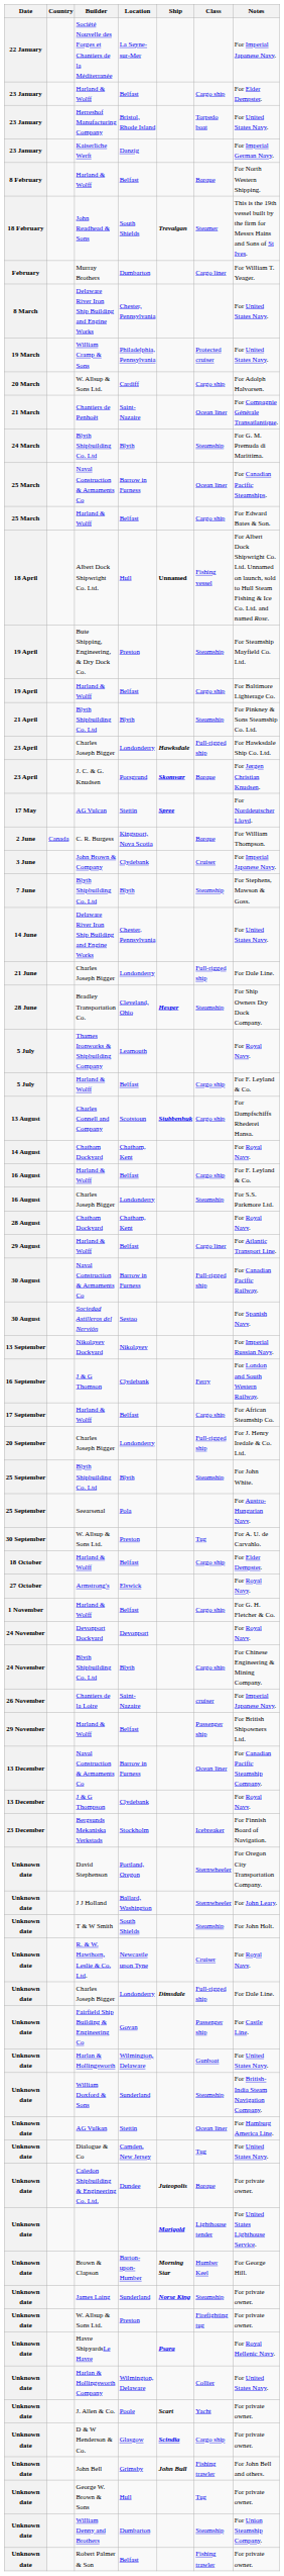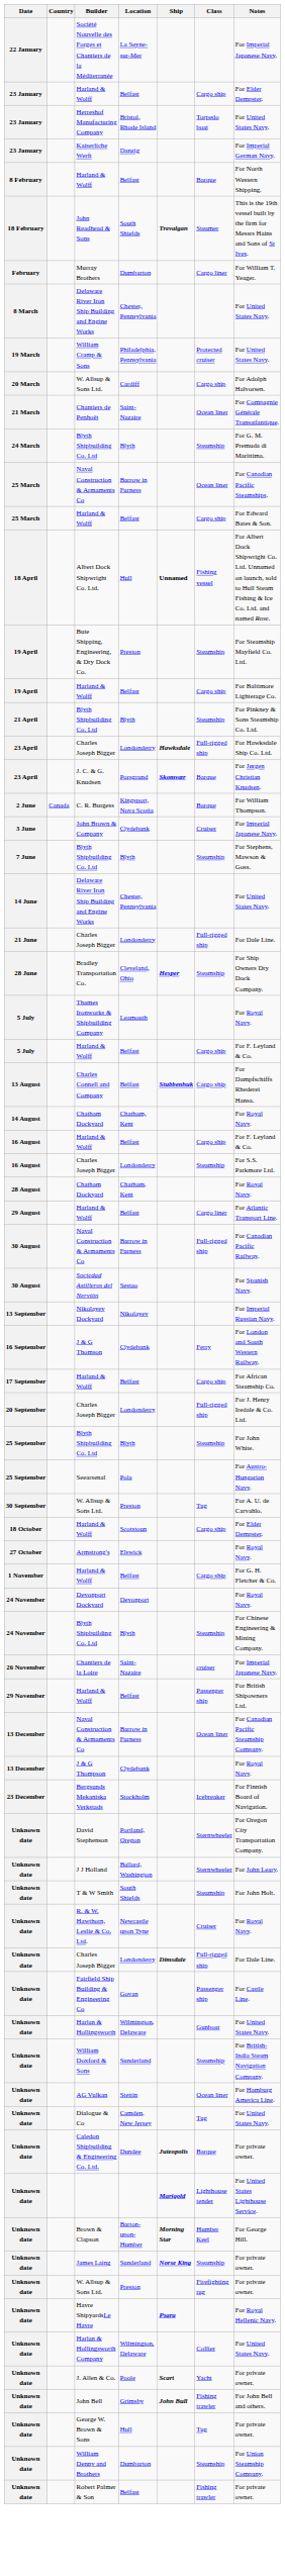 <table class="wikitable sortable" style="font-size:1.00em; line-height:1.5em;">
 <tr>
 <th>Date</th>
 <th>Country</th>
 <th>Builder</th>
 <th>Location</th>
 <th>Ship</th>
 <th>Class</th>
 <th>Notes</th>
 </tr>
 <tr ---->
 <th>22 January</th>
 <td></td>
 <td><a href='#'>Société Nouvelle des Forges et Chantiers de la Méditerranée</a></td>
 <td><a href='#'>La Seyne-sur-Mer</a></td>
 <td><strong></strong></td>
 <td></td>
 <td>For <a href='#'>Imperial Japanese Navy</a>.</td>
 </tr>
 <tr ---->
 <th>23 January</th>
 <td></td>
 <td><a href='#'>Harland & Wolff</a></td>
 <td><a href='#'>Belfast</a></td>
 <td><strong></strong></td>
 <td><a href='#'>Cargo ship</a></td>
 <td>For <a href='#'>Elder Dempster</a>.</td>
 </tr>
 <tr ---->
 <th>23 January</th>
 <td></td>
 <td><a href='#'>Herreshof Manufacturing Company</a></td>
 <td><a href='#'>Bristol, Rhode Island</a></td>
 <td><strong></strong></td>
 <td><a href='#'>Torpedo boat</a></td>
 <td>For <a href='#'>United States Navy</a>.</td>
 </tr>
 <tr ---->
 <th>23 January</th>
 <td></td>
 <td><a href='#'>Kaiserliche Werft</a></td>
 <td><a href='#'>Danzig</a></td>
 <td><strong></strong></td>
 <td></td>
 <td>For <a href='#'>Imperial German Navy</a>.</td>
 </tr>
 <tr ---->
 <th>8 February</th>
 <td></td>
 <td><a href='#'>Harland & Wolff</a></td>
 <td><a href='#'>Belfast</a></td>
 <td><strong></strong></td>
 <td><a href='#'>Barque</a></td>
 <td>For North Western Shipping.</td>
 </tr>
 <tr ---->
 <th>18 February</th>
 <td></td>
 <td><a href='#'>John Readhead & Sons</a></td>
 <td><a href='#'>South Shields</a></td>
 <td><strong><em>Trevalgan</em></strong></td>
 <td><a href='#'>Steamer</a></td>
 <td>This is the 19th vessel built by the firm for Messrs Hains and Sons of <a href='#'>St Ives</a>.</td>
 </tr>
 <tr ---->
 <th>February</th>
 <td></td>
 <td>Murray Brothers</td>
 <td><a href='#'>Dumbarton</a></td>
 <td><strong></strong></td>
 <td><a href='#'>Cargo liner</a></td>
 <td>For William T. Yeager.</td>
 </tr>
 <tr ---->
 <th>8 March</th>
 <td></td>
 <td><a href='#'>Delaware River Iron Ship Building and Engine Works</a></td>
 <td><a href='#'>Chester, Pennsylvania</a></td>
 <td><strong></strong></td>
 <td></td>
 <td>For <a href='#'>United States Navy</a>.</td>
 </tr>
 <tr ---->
 <th>19 March</th>
 <td></td>
 <td><a href='#'>William Cramp & Sons</a></td>
 <td><a href='#'>Philadelphia, Pennsylvania</a></td>
 <td><strong></strong></td>
 <td><a href='#'>Protected cruiser</a></td>
 <td>For <a href='#'>United States Navy</a>.</td>
 </tr>
 <tr ---->
 <th>20 March</th>
 <td></td>
 <td>W. Allsup & Sons Ltd.</td>
 <td><a href='#'>Cardiff</a></td>
 <td><strong></strong></td>
 <td><a href='#'>Cargo ship</a></td>
 <td>For Adolph Halvorsen.</td>
 </tr>
 <tr ---->
 <th>21 March</th>
 <td></td>
 <td><a href='#'>Chantiers de Penhoët</a></td>
 <td><a href='#'>Saint-Nazaire</a></td>
 <td><strong></strong></td>
 <td><a href='#'>Ocean liner</a></td>
 <td>For <a href='#'>Compagnie Générale Transatlantique</a>.</td>
 </tr>
 <tr ---->
 <th>24 March</th>
 <td></td>
 <td><a href='#'>Blyth Shipbuilding Co. Ltd</a></td>
 <td><a href='#'>Blyth</a></td>
 <td><strong></strong></td>
 <td><a href='#'>Steamship</a></td>
 <td>For G. M. Premuda di Marittima.</td>
 </tr>
 <tr ---->
 <th>25 March</th>
 <td></td>
 <td><a href='#'>Naval Construction & Armaments Co</a></td>
 <td><a href='#'>Barrow in Furness</a></td>
 <td><strong></strong></td>
 <td><a href='#'>Ocean liner</a></td>
 <td>For <a href='#'>Canadian Pacific Steamships</a>.</td>
 </tr>
 <tr ---->
 <th>25 March</th>
 <td></td>
 <td><a href='#'>Harland & Wolff</a></td>
 <td><a href='#'>Belfast</a></td>
 <td><strong></strong></td>
 <td><a href='#'>Cargo ship</a></td>
 <td>For Edward Bates & Son.</td>
 </tr>
 <tr ---->
 <th>18 April</th>
 <td></td>
 <td>Albert Dock Shipwright Co. Ltd.</td>
 <td><a href='#'>Hull</a></td>
 <td><strong>Unnamed</strong></td>
 <td><a href='#'>Fishing vessel</a></td>
 <td>For Albert Dock Shipwright Co. Ltd. Unnamed on launch, sold to Hull Steam Fishing & Ice Co. Ltd. and named <em>Rose</em>.</td>
 </tr>
 <tr --->
 <th>19 April</th>
 <td></td>
 <td>Bute Shipping, Engineering, & Dry Dock Co.</td>
 <td><a href='#'>Preston</a></td>
 <td><strong></strong></td>
 <td><a href='#'>Steamship</a></td>
 <td>For Steamship Mayfield Co. Ltd.</td>
 </tr>
 <tr ---->
 <th>19 April</th>
 <td></td>
 <td><a href='#'>Harland & Wolff</a></td>
 <td><a href='#'>Belfast</a></td>
 <td><strong></strong></td>
 <td><a href='#'>Cargo ship</a></td>
 <td>For Baltimore Lighterage Co.</td>
 </tr>
 <tr ---->
 <th>21 April</th>
 <td></td>
 <td><a href='#'>Blyth Shipbuilding Co. Ltd</a></td>
 <td><a href='#'>Blyth</a></td>
 <td><strong></strong></td>
 <td><a href='#'>Steamship</a></td>
 <td>For Pinkney & Sons Steamship Co. Ltd.</td>
 </tr>
 <tr ---->
 <th>23 April</th>
 <td></td>
 <td>Charles Joseph Bigger</td>
 <td><a href='#'>Londonderry</a></td>
 <td><strong><em>Hawksdale</em></strong></td>
 <td><a href='#'>Full-rigged ship</a></td>
 <td>For Hawksdale Ship Co. Ltd.</td>
 </tr>
 <tr ---->
 <th>23 April</th>
 <td></td>
 <td>J. C. & G. Knudsen</td>
 <td><a href='#'>Porsgrund</a></td>
 <td><strong><a href='#'><em>Skomvær</em></a></strong></td>
 <td><a href='#'>Barque</a></td>
 <td>For <a href='#'>Jørgen Christian Knudsen</a>.</td>
 </tr>
 <tr ---->
-<th>17 May</th>
-<td></td>
-<td><a href='#'>AG Vulcan</a></td>
-<td><a href='#'>Stettin</a></td>
-<td><strong><a href='#'><em>Spree</em></a></strong></td>
-<td></td>
-<td>For <a href='#'>Norddeutscher Lloyd</a>.</td>
-</tr>
-<tr ---->
 <th>2 June</th>
 <td> <a href='#'>Canada</a></td>
 <td>C. R. Burgess</td>
 <td><a href='#'>Kingsport, Nova Scotia</a></td>
 <td><strong></strong></td>
 <td><a href='#'>Barque</a></td>
 <td>For William Thompson.</td>
 </tr>
 <tr ---->
 <th>3 June</th>
 <td></td>
 <td><a href='#'>John Brown & Company</a></td>
 <td><a href='#'>Clydebank</a></td>
 <td><strong></strong></td>
 <td><a href='#'>Cruiser</a></td>
 <td>For <a href='#'>Imperial Japanese Navy</a>.</td>
 </tr>
 <tr ---->
 <th>7 June</th>
 <td></td>
 <td><a href='#'>Blyth Shipbuilding Co. Ltd</a></td>
 <td><a href='#'>Blyth</a></td>
 <td><strong></strong></td>
 <td><a href='#'>Steamship</a></td>
 <td>For Stephens, Mawson & Goss.</td>
 </tr>
 <tr ---->
 <th>14 June</th>
 <td></td>
 <td><a href='#'>Delaware River Iron Ship Building and Engine Works</a></td>
 <td><a href='#'>Chester, Pennsylvania</a></td>
 <td><strong></strong></td>
 <td></td>
 <td>For <a href='#'>United States Navy</a>.</td>
 </tr>
 <tr ---->
 <th>21 June</th>
 <td></td>
 <td>Charles Joseph Bigger</td>
 <td><a href='#'>Londonderry</a></td>
 <td><strong></strong></td>
 <td><a href='#'>Full-rigged ship</a></td>
 <td>For Dale Line.</td>
 </tr>
 <tr ---->
 <th>28 June</th>
 <td></td>
 <td>Bradley Transportation Co.</td>
 <td><a href='#'>Cleveland, Ohio</a></td>
 <td><strong><a href='#'><em>Hesper</em></a></strong></td>
 <td><a href='#'>Steamship</a></td>
 <td>For Ship Owners Dry Dock Company.</td>
 </tr>
 <tr ---->
 <th>5 July</th>
 <td></td>
 <td><a href='#'>Thames Ironworks & Shipbuilding Company</a></td>
 <td><a href='#'>Leamouth</a></td>
 <td><strong></strong></td>
 <td></td>
 <td>For <a href='#'>Royal Navy</a>.</td>
 </tr>
 <tr ---->
 <th>5 July</th>
 <td></td>
 <td><a href='#'>Harland & Wolff</a></td>
 <td><a href='#'>Belfast</a></td>
 <td><strong></strong></td>
 <td><a href='#'>Cargo ship</a></td>
 <td>For F. Leyland & Co.</td>
 </tr>
 <tr ---->
 <th>13 August</th>
 <td></td>
 <td><a href='#'>Charles Connell and Company</a></td>
-<td><a href='#'>Scotstoun</a></td>
+<td><a href='#'>Belfast</a></td>
 <td><strong><a href='#'><em>Stubbenhuk</em></a></strong></td>
 <td><a href='#'>Cargo ship</a></td>
 <td>For Dampfschiffs Rhederei Hansa.</td>
 </tr>
 <tr ---->
 <th>14 August</th>
 <td></td>
 <td><a href='#'>Chatham Dockyard</a></td>
 <td><a href='#'>Chatham, Kent</a></td>
 <td><strong></strong></td>
 <td></td>
 <td>For <a href='#'>Royal Navy</a>.</td>
 </tr>
 <tr ---->
 <th>16 August</th>
 <td></td>
 <td><a href='#'>Harland & Wolff</a></td>
 <td><a href='#'>Belfast</a></td>
 <td><strong></strong></td>
 <td><a href='#'>Cargo ship</a></td>
 <td>For F. Leyland & Co.</td>
 </tr>
 <tr ---->
 <th>16 August</th>
 <td></td>
 <td>Charles Joseph Bigger</td>
 <td><a href='#'>Londonderry</a></td>
 <td><strong></strong></td>
 <td><a href='#'>Steamship</a></td>
 <td>For S.S. Parkmore Ltd.</td>
 </tr>
 <tr ---->
 <th>28 August</th>
 <td></td>
 <td><a href='#'>Chatham Dockyard</a></td>
 <td><a href='#'>Chatham, Kent</a></td>
 <td><strong></strong></td>
 <td></td>
 <td>For <a href='#'>Royal Navy</a>.</td>
 </tr>
 <tr ---->
 <th>29 August</th>
 <td></td>
 <td><a href='#'>Harland & Wolff</a></td>
 <td><a href='#'>Belfast</a></td>
 <td><strong></strong></td>
 <td><a href='#'>Cargo liner</a></td>
 <td>For <a href='#'>Atlantic Transport Line</a>.</td>
 </tr>
 <tr ---->
 <th>30 August</th>
 <td></td>
 <td><a href='#'>Naval Construction & Armaments Co</a></td>
 <td><a href='#'>Barrow in Furness</a></td>
 <td><strong></strong></td>
 <td><a href='#'>Full-rigged ship</a></td>
 <td>For <a href='#'>Canadian Pacific Railway</a>.</td>
 </tr>
 <tr ---->
 <th>30 August</th>
 <td></td>
 <td><em><a href='#'>Sociedad Astilleros del Nervión</a></em></td>
 <td><a href='#'>Sestao</a></td>
 <td><strong></strong></td>
 <td></td>
 <td>For <a href='#'>Spanish Navy</a>.</td>
 </tr>
 <tr ---->
 <th>13 September</th>
 <td></td>
 <td><a href='#'>Nikolayev Dockyard</a></td>
 <td><a href='#'>Nikolayev</a></td>
 <td><strong></strong></td>
 <td></td>
 <td>For <a href='#'>Imperial Russian Navy</a>.</td>
 </tr>
 <tr ---->
 <th>16 September</th>
 <td></td>
 <td><a href='#'>J & G Thomson</a></td>
 <td><a href='#'>Clydebank</a></td>
 <td><strong></strong></td>
 <td><a href='#'>Ferry</a></td>
 <td>For <a href='#'>London and South Western Railway</a>.</td>
 </tr>
 <tr ---->
 <th>17 September</th>
 <td></td>
 <td><a href='#'>Harland & Wolff</a></td>
 <td><a href='#'>Belfast</a></td>
 <td><strong></strong></td>
 <td><a href='#'>Cargo ship</a></td>
 <td>For African Steamship Co.</td>
 </tr>
 <tr ---->
 <th>20 September</th>
 <td></td>
 <td>Charles Joseph Bigger</td>
 <td><a href='#'>Londonderry</a></td>
 <td><strong></strong></td>
 <td><a href='#'>Full-rigged ship</a></td>
 <td>For J. Henry Iredale & Co. Ltd.</td>
 </tr>
 <tr ---->
 <th>25 September</th>
 <td></td>
 <td><a href='#'>Blyth Shipbuilding Co. Ltd</a></td>
 <td><a href='#'>Blyth</a></td>
 <td><strong></strong></td>
 <td><a href='#'>Steamship</a></td>
 <td>For John White.</td>
 </tr>
 <tr ---->
 <th>25 September</th>
 <td></td>
 <td>Seearsenal</td>
 <td><a href='#'>Pola</a></td>
 <td><strong></strong></td>
 <td></td>
 <td>For <a href='#'>Austro-Hungarian Navy</a>.</td>
 </tr>
 <tr ---->
 <th>30 September</th>
 <td></td>
 <td>W. Allsup & Sons Ltd.</td>
 <td><a href='#'>Preston</a></td>
 <td><strong></strong></td>
 <td><a href='#'>Tug</a></td>
 <td>For A. U. de Carvahlo.</td>
 </tr>
 <tr ---->
 <th>18 October</th>
 <td></td>
 <td><a href='#'>Harland & Wolff</a></td>
-<td><a href='#'>Belfast</a></td>
+<td><a href='#'>Scotstoun</a></td>
 <td><strong></strong></td>
 <td><a href='#'>Cargo ship</a></td>
 <td>For <a href='#'>Elder Dempster</a>.</td>
 </tr>
 <tr ---->
 <th>27 October</th>
 <td></td>
 <td><a href='#'>Armstrong's</a></td>
 <td><a href='#'>Elswick</a></td>
 <td><strong></strong></td>
 <td></td>
 <td>For <a href='#'>Royal Navy</a>.</td>
 </tr>
 <tr ---->
 <th>1 November</th>
 <td></td>
 <td><a href='#'>Harland & Wolff</a></td>
 <td><a href='#'>Belfast</a></td>
 <td><strong></strong></td>
 <td><a href='#'>Cargo ship</a></td>
 <td>For G. H. Fletcher & Co.</td>
 </tr>
 <tr ---->
 <th>24 November</th>
 <td></td>
 <td><a href='#'>Devonport Dockyard</a></td>
 <td><a href='#'>Devonport</a></td>
 <td><strong></strong></td>
 <td></td>
 <td>For <a href='#'>Royal Navy</a>.</td>
 </tr>
 <tr ---->
 <th>24 November</th>
 <td></td>
 <td><a href='#'>Blyth Shipbuilding Co. Ltd</a></td>
 <td><a href='#'>Blyth</a></td>
 <td><strong></strong></td>
-<td><a href='#'>Cargo ship</a></td>
+<td><a href='#'>Steamship</a></td>
 <td>For Chinese Engineering & Mining Company.</td>
 </tr>
 <tr ---->
 <th>26 November</th>
 <td></td>
 <td><a href='#'>Chantiers de la Loire</a></td>
 <td><a href='#'>Saint-Nazaire</a></td>
 <td><strong></strong></td>
 <td><a href='#'>cruiser</a></td>
 <td>For <a href='#'>Imperial Japanese Navy</a>.</td>
 </tr>
 <tr ---->
 <th>29 November</th>
 <td></td>
 <td><a href='#'>Harland & Wolff</a></td>
 <td><a href='#'>Belfast</a></td>
 <td><strong></strong></td>
 <td><a href='#'>Passenger ship</a></td>
 <td>For British Shipowners Ltd.</td>
 </tr>
 <tr ---->
 <th>13 December</th>
 <td></td>
 <td><a href='#'>Naval Construction & Armaments Co</a></td>
 <td><a href='#'>Barrow in Furness</a></td>
 <td><strong></strong></td>
 <td><a href='#'>Ocean liner</a></td>
 <td>For <a href='#'>Canadian Pacific Steamship Company</a>.</td>
 </tr>
 <tr ---->
 <th>13 December</th>
 <td></td>
 <td><a href='#'>J & G Thompson</a></td>
 <td><a href='#'>Clydebank</a></td>
 <td><strong></strong></td>
 <td></td>
 <td>For <a href='#'>Royal Navy</a>.</td>
 </tr>
 <tr ---->
 <th>23 December</th>
 <td></td>
 <td><a href='#'>Bergsunds Mekaniska Verkstads</a></td>
 <td><a href='#'>Stockholm</a></td>
 <td><strong></strong></td>
 <td><a href='#'>Icebreaker</a></td>
 <td>For Finnish Board of Navigation.</td>
 </tr>
 <tr ---->
 <th>Unknown date</th>
 <td></td>
 <td>David Stephenson</td>
 <td><a href='#'>Portland, Oregon</a></td>
 <td><strong></strong></td>
 <td><a href='#'>Sternwheeler</a></td>
 <td>For Oregon City Transportation Company.</td>
 </tr>
 <tr ---->
 <th>Unknown date</th>
 <td></td>
 <td>J J Holland</td>
 <td><a href='#'>Ballard, Washington</a></td>
 <td><strong></strong></td>
 <td><a href='#'>Sternwheeler</a></td>
 <td>For <a href='#'>John Leary</a>.</td>
 </tr>
 <tr ---->
 <th>Unknown date</th>
 <td></td>
 <td>T & W Smith</td>
 <td><a href='#'>South Shields</a></td>
 <td><strong></strong></td>
 <td><a href='#'>Steamship</a></td>
 <td>For John Holt.</td>
 </tr>
 <tr ---->
 <th>Unknown date</th>
 <td></td>
 <td><a href='#'>R. & W. Hawthorn, Leslie & Co. Ltd</a>.</td>
 <td><a href='#'>Newcastle upon Tyne</a></td>
 <td><strong></strong></td>
 <td><a href='#'>Cruiser</a></td>
 <td>For <a href='#'>Royal Navy</a>.</td>
 </tr>
 <tr ---->
 <th>Unknown date</th>
 <td></td>
 <td>Charles Joseph Bigger</td>
 <td><a href='#'>Londonderry</a></td>
 <td><strong><em>Dimsdale</em></strong></td>
 <td><a href='#'>Full-rigged ship</a></td>
 <td>For Dale Line.</td>
 </tr>
 <tr ---->
 <th>Unknown date</th>
 <td></td>
 <td><a href='#'>Fairfield Ship Building & Engineering Co</a></td>
 <td><a href='#'>Govan</a></td>
 <td><strong></strong></td>
 <td><a href='#'>Passenger ship</a></td>
 <td>For <a href='#'>Castle Line</a>.</td>
 </tr>
 <tr ---->
 <th>Unknown date</th>
 <td></td>
 <td><a href='#'>Harlan & Hollingsworth</a></td>
 <td><a href='#'>Wilmington, Delaware</a></td>
 <td><strong></strong></td>
 <td><a href='#'>Gunboat</a></td>
 <td>For <a href='#'>United States Navy</a>.</td>
 </tr>
 <tr ---->
 <th>Unknown date</th>
 <td></td>
 <td><a href='#'>William Doxford & Sons</a></td>
 <td><a href='#'>Sunderland</a></td>
 <td><strong></strong></td>
 <td><a href='#'>Steamship</a></td>
 <td>For <a href='#'>British-India Steam Navigation Company</a>.</td>
 </tr>
 <tr ---->
 <th>Unknown date</th>
 <td></td>
 <td><a href='#'>AG Vulkan</a></td>
 <td><a href='#'>Stettin</a></td>
 <td><strong></strong></td>
 <td><a href='#'>Ocean liner</a></td>
 <td>For <a href='#'>Hamburg America Line</a>.</td>
 </tr>
 <tr ---->
 <th>Unknown date</th>
 <td></td>
 <td>Dialogue & Co</td>
 <td><a href='#'>Camden, New Jersey</a></td>
 <td><strong></strong></td>
 <td><a href='#'>Tug</a></td>
 <td>For <a href='#'>United States Navy</a>.</td>
 </tr>
 <tr ---->
 <th>Unknown date</th>
 <td></td>
 <td><a href='#'>Caledon Shipbuilding & Engineering Co. Ltd.</a></td>
 <td><a href='#'>Dundee</a></td>
 <td><strong><em>Juteopolis</em></strong></td>
 <td><a href='#'>Barque</a></td>
 <td>For private owner.</td>
 </tr>
 <tr ---->
 <th>Unknown date</th>
 <td></td>
 <td></td>
 <td></td>
 <td><strong><a href='#'><em>Marigold</em></a></strong></td>
 <td><a href='#'>Lighthouse tender</a></td>
 <td>For <a href='#'>United States Lighthouse Service</a>.</td>
 </tr>
 <tr --->
 <th>Unknown date</th>
 <td></td>
 <td>Brown & Clapson</td>
 <td><a href='#'>Barton-upon-Humber</a></td>
 <td><strong><em>Morning Star</em></strong></td>
 <td><a href='#'>Humber Keel</a></td>
 <td>For George Hill.</td>
 </tr>
 <tr ---->
 <th>Unknown date</th>
 <td></td>
 <td><a href='#'>James Laing</a></td>
 <td><a href='#'>Sunderland</a></td>
 <td><strong><a href='#'><em>Norse King</em></a></strong></td>
 <td><a href='#'>Steamship</a></td>
 <td>For private owner.</td>
 </tr>
 <tr ---->
 <th>Unknown date</th>
 <td></td>
 <td>W. Allsup & Sons Ltd.</td>
 <td><a href='#'>Preston</a></td>
 <td><strong></strong></td>
 <td><a href='#'>Firefighting</a> <a href='#'>tug</a></td>
 <td>For private owner.</td>
 </tr>
 <tr ---->
 <th>Unknown date</th>
 <td></td>
 <td>Havre Shipyards<a href='#'>Le Havre</a></td>
 <td></td>
 <td><strong><a href='#'><em>Psara</em></a></strong></td>
 <td></td>
 <td>For <a href='#'>Royal Hellenic Navy</a>.</td>
 </tr>
 <tr ---->
 <th>Unknown date</th>
 <td></td>
 <td><a href='#'>Harlan & Hollingsworth Company</a></td>
 <td><a href='#'>Wilmington, Delaware</a></td>
 <td><strong></strong></td>
 <td><a href='#'>Collier</a></td>
 <td>For <a href='#'>United States Navy</a>.</td>
 </tr>
 <tr ---->
 <th>Unknown date</th>
 <td></td>
 <td>J. Allen & Co.</td>
 <td><a href='#'>Poole</a></td>
 <td><strong><em>Scart</em></strong></td>
 <td><a href='#'>Yacht</a></td>
 <td>For private owner.</td>
 </tr>
 <tr ---->
 <th>Unknown date</th>
 <td></td>
-<td>D & W Henderson & Co.</td>
-<td><a href='#'>Glasgow</a></td>
-<td><strong><a href='#'><em>Scindia</em></a></strong></td>
-<td><a href='#'>Cargo ship</a></td>
-<td>For private owner.</td>
-</tr>
-<tr ---->
-<th>Unknown date</th>
-<td></td>
 <td>John Bell</td>
 <td><a href='#'>Grimsby</a></td>
 <td><strong><em>John Bull</em></strong></td>
 <td><a href='#'>Fishing trawler</a></td>
 <td>For John Bell and others.</td>
 </tr>
 <tr --->
 <th>Unknown date</th>
 <td></td>
 <td>George W. Brown & Sons</td>
 <td><a href='#'>Hull</a></td>
 <td><strong></strong></td>
 <td><a href='#'>Tug</a></td>
 <td>For private owner.</td>
 </tr>
 <tr>
 <th>Unknown date</th>
 <td></td>
 <td><a href='#'>William Denny and Brothers</a></td>
 <td><a href='#'>Dumbarton</a></td>
 <td><strong></strong></td>
 <td><a href='#'>Steamship</a></td>
 <td>For <a href='#'>Union Steamship Company</a>.</td>
 </tr>
 <tr ---->
 <th>Unknown date</th>
 <td></td>
 <td>Robert Palmer & Son</td>
 <td><a href='#'>Belfast</a></td>
 <td><strong></strong></td>
 <td><a href='#'>Fishing trawler</a></td>
 <td>For private owner.</td>
 </tr>
 </table>
